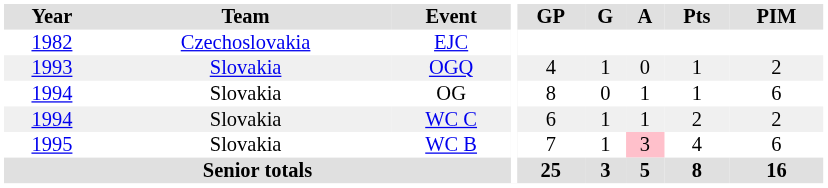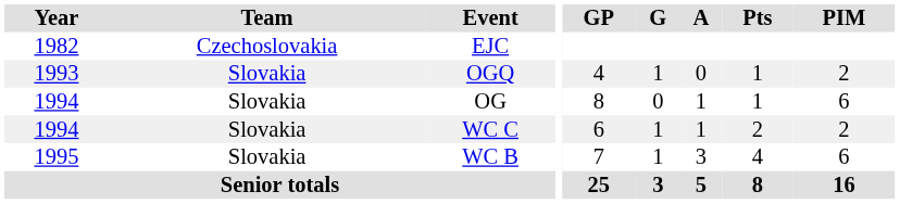 <table border="0" cellpadding="1" cellspacing="0" ID="Table3" style="text-align:center; width:40em">
 <tr ALIGN="center" bgcolor="#e0e0e0">
 <th>Year</th>
 <th>Team</th>
 <th>Event</th>
 <th rowspan="99" bgcolor="#ffffff"></th>
 <th>GP</th>
 <th>G</th>
 <th>A</th>
 <th>Pts</th>
 <th>PIM</th>
 </tr>
 <tr>
 <td><a href='#'>1982</a></td>
 <td><a href='#'>Czechoslovakia</a></td>
 <td><a href='#'>EJC</a></td>
 <td></td>
 <td></td>
 <td></td>
 <td></td>
 <td></td>
 </tr>
 <tr bgcolor="#f0f0f0">
 <td><a href='#'>1993</a></td>
 <td><a href='#'>Slovakia</a></td>
 <td><a href='#'>OGQ</a></td>
 <td>4</td>
 <td>1</td>
 <td>0</td>
 <td>1</td>
 <td>2</td>
 </tr>
 <tr>
 <td><a href='#'>1994</a></td>
 <td>Slovakia</td>
 <td>OG</td>
 <td>8</td>
 <td>0</td>
 <td>1</td>
 <td>1</td>
 <td>6</td>
 </tr>
 <tr bgcolor="#f0f0f0">
 <td><a href='#'>1994</a></td>
 <td>Slovakia</td>
 <td><a href='#'>WC C</a></td>
 <td>6</td>
 <td>1</td>
 <td>1</td>
 <td>2</td>
 <td>2</td>
 </tr>
 <tr>
 <td><a href='#'>1995</a></td>
 <td>Slovakia</td>
 <td><a href='#'>WC B</a></td>
 <td>7</td>
 <td>1</td>
-<td style="background: pink;">3</td>
+<td>3</td>
 <td>4</td>
 <td>6</td>
 </tr>
 <tr bgcolor="#e0e0e0">
 <th colspan=3>Senior totals</th>
 <th>25</th>
 <th>3</th>
 <th>5</th>
 <th>8</th>
 <th>16</th>
 </tr>
 </table>
